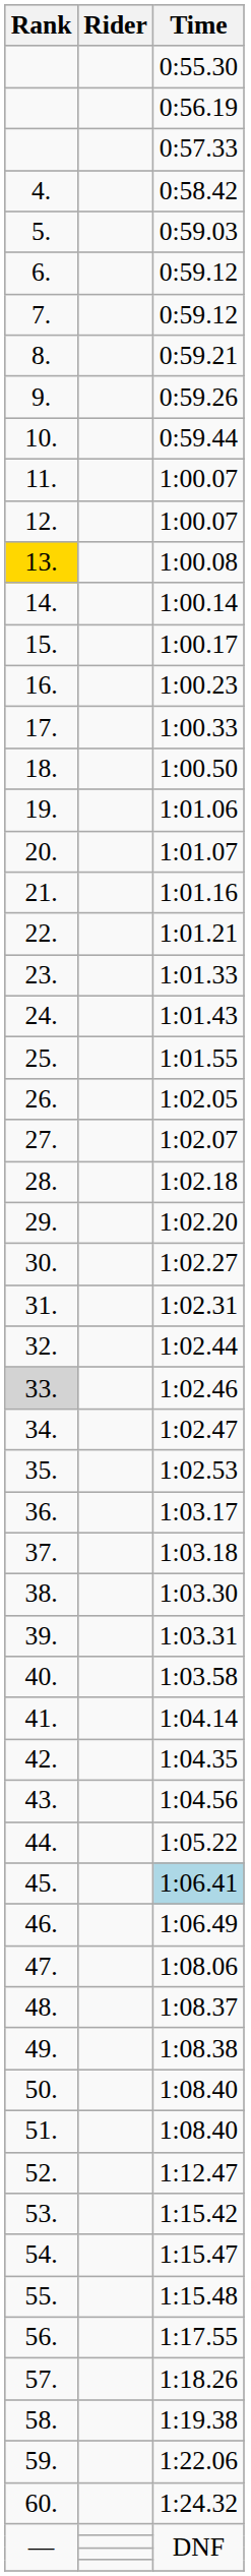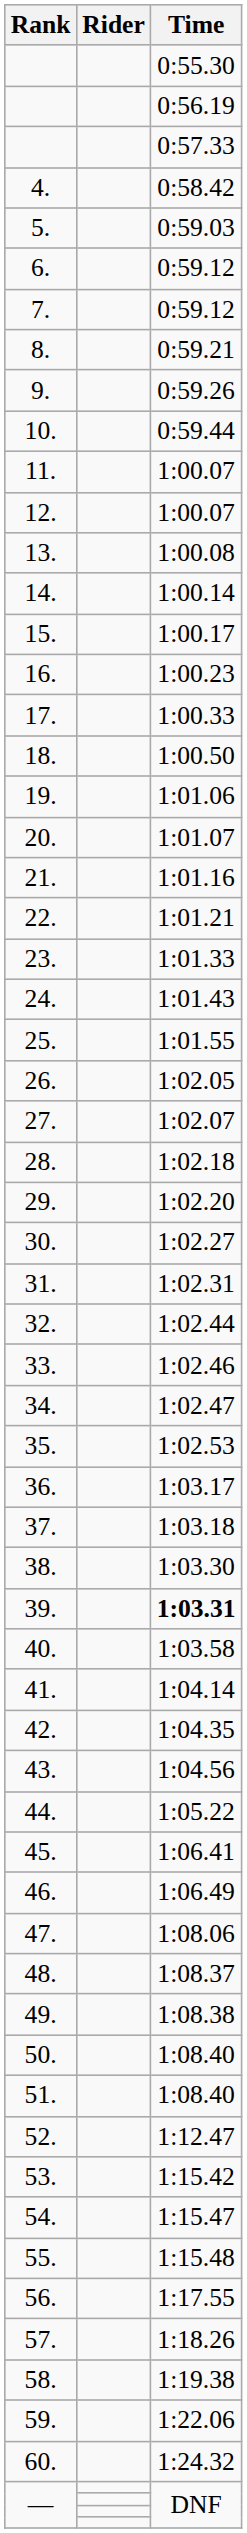 <table class=wikitable>
 <tr>
 <th>Rank</th>
 <th>Rider</th>
 <th>Time</th>
 </tr>
 <tr>
 <td align="center"></td>
 <td></td>
 <td align="center">0:55.30</td>
 </tr>
 <tr>
 <td align="center"></td>
 <td></td>
 <td align="center">0:56.19</td>
 </tr>
 <tr>
 <td align="center"></td>
 <td></td>
 <td align="center">0:57.33</td>
 </tr>
 <tr>
 <td align="center">4.</td>
 <td></td>
 <td align="center">0:58.42</td>
 </tr>
 <tr>
 <td align="center">5.</td>
 <td></td>
 <td align="center">0:59.03</td>
 </tr>
 <tr>
 <td align="center">6.</td>
 <td></td>
 <td align="center">0:59.12</td>
 </tr>
 <tr>
 <td align="center">7.</td>
 <td></td>
 <td align="center">0:59.12</td>
 </tr>
 <tr>
 <td align="center">8.</td>
 <td></td>
 <td align="center">0:59.21</td>
 </tr>
 <tr>
 <td align="center">9.</td>
 <td></td>
 <td align="center">0:59.26</td>
 </tr>
 <tr>
 <td align="center">10.</td>
 <td></td>
 <td align="center">0:59.44</td>
 </tr>
 <tr>
 <td align="center">11.</td>
 <td></td>
 <td align="center">1:00.07</td>
 </tr>
 <tr>
 <td align="center">12.</td>
 <td></td>
 <td align="center">1:00.07</td>
 </tr>
 <tr>
-<td align="center" style="background: gold;">13.</td>
+<td align="center">13.</td>
 <td></td>
 <td align="center">1:00.08</td>
 </tr>
 <tr>
 <td align="center">14.</td>
 <td></td>
 <td align="center">1:00.14</td>
 </tr>
 <tr>
 <td align="center">15.</td>
 <td></td>
 <td align="center">1:00.17</td>
 </tr>
 <tr>
 <td align="center">16.</td>
 <td></td>
 <td align="center">1:00.23</td>
 </tr>
 <tr>
 <td align="center">17.</td>
 <td></td>
 <td align="center">1:00.33</td>
 </tr>
 <tr>
 <td align="center">18.</td>
 <td></td>
 <td align="center">1:00.50</td>
 </tr>
 <tr>
 <td align="center">19.</td>
 <td></td>
 <td align="center">1:01.06</td>
 </tr>
 <tr>
 <td align="center">20.</td>
 <td></td>
 <td align="center">1:01.07</td>
 </tr>
 <tr>
 <td align="center">21.</td>
 <td></td>
 <td align="center">1:01.16</td>
 </tr>
 <tr>
 <td align="center">22.</td>
 <td></td>
 <td align="center">1:01.21</td>
 </tr>
 <tr>
 <td align="center">23.</td>
 <td></td>
 <td align="center">1:01.33</td>
 </tr>
 <tr>
 <td align="center">24.</td>
 <td></td>
 <td align="center">1:01.43</td>
 </tr>
 <tr>
 <td align="center">25.</td>
 <td></td>
 <td align="center">1:01.55</td>
 </tr>
 <tr>
 <td align="center">26.</td>
 <td></td>
 <td align="center">1:02.05</td>
 </tr>
 <tr>
 <td align="center">27.</td>
 <td></td>
 <td align="center">1:02.07</td>
 </tr>
 <tr>
 <td align="center">28.</td>
 <td></td>
 <td align="center">1:02.18</td>
 </tr>
 <tr>
 <td align="center">29.</td>
 <td></td>
 <td align="center">1:02.20</td>
 </tr>
 <tr>
 <td align="center">30.</td>
 <td></td>
 <td align="center">1:02.27</td>
 </tr>
 <tr>
 <td align="center">31.</td>
 <td></td>
 <td align="center">1:02.31</td>
 </tr>
 <tr>
 <td align="center">32.</td>
 <td></td>
 <td align="center">1:02.44</td>
 </tr>
 <tr>
-<td align="center" style="background: lightgrey;">33.</td>
+<td align="center">33.</td>
 <td></td>
 <td align="center">1:02.46</td>
 </tr>
 <tr>
 <td align="center">34.</td>
 <td></td>
 <td align="center">1:02.47</td>
 </tr>
 <tr>
 <td align="center">35.</td>
 <td></td>
 <td align="center">1:02.53</td>
 </tr>
 <tr>
 <td align="center">36.</td>
 <td></td>
 <td align="center">1:03.17</td>
 </tr>
 <tr>
 <td align="center">37.</td>
 <td></td>
 <td align="center">1:03.18</td>
 </tr>
 <tr>
 <td align="center">38.</td>
 <td></td>
 <td align="center">1:03.30</td>
 </tr>
 <tr>
 <td align="center">39.</td>
 <td></td>
-<td align="center">1:03.31</td>
+<td align="center"><strong>1:03.31</strong></td>
 </tr>
 <tr>
 <td align="center">40.</td>
 <td></td>
 <td align="center">1:03.58</td>
 </tr>
 <tr>
 <td align="center">41.</td>
 <td></td>
 <td align="center">1:04.14</td>
 </tr>
 <tr>
 <td align="center">42.</td>
 <td></td>
 <td align="center">1:04.35</td>
 </tr>
 <tr>
 <td align="center">43.</td>
 <td></td>
 <td align="center">1:04.56</td>
 </tr>
 <tr>
 <td align="center">44.</td>
 <td></td>
 <td align="center">1:05.22</td>
 </tr>
 <tr>
 <td align="center">45.</td>
 <td></td>
-<td align="center" style="background: lightblue;">1:06.41</td>
+<td align="center">1:06.41</td>
 </tr>
 <tr>
 <td align="center">46.</td>
 <td></td>
 <td align="center">1:06.49</td>
 </tr>
 <tr>
 <td align="center">47.</td>
 <td></td>
 <td align="center">1:08.06</td>
 </tr>
 <tr>
 <td align="center">48.</td>
 <td></td>
 <td align="center">1:08.37</td>
 </tr>
 <tr>
 <td align="center">49.</td>
 <td></td>
 <td align="center">1:08.38</td>
 </tr>
 <tr>
 <td align="center">50.</td>
 <td></td>
 <td align="center">1:08.40</td>
 </tr>
 <tr>
 <td align="center">51.</td>
 <td></td>
 <td align="center">1:08.40</td>
 </tr>
 <tr>
 <td align="center">52.</td>
 <td></td>
 <td align="center">1:12.47</td>
 </tr>
 <tr>
 <td align="center">53.</td>
 <td></td>
 <td align="center">1:15.42</td>
 </tr>
 <tr>
 <td align="center">54.</td>
 <td></td>
 <td align="center">1:15.47</td>
 </tr>
 <tr>
 <td align="center">55.</td>
 <td></td>
 <td align="center">1:15.48</td>
 </tr>
 <tr>
 <td align="center">56.</td>
 <td></td>
 <td align="center">1:17.55</td>
 </tr>
 <tr>
 <td align="center">57.</td>
 <td></td>
 <td align="center">1:18.26</td>
 </tr>
 <tr>
 <td align="center">58.</td>
 <td></td>
 <td align="center">1:19.38</td>
 </tr>
 <tr>
 <td align="center">59.</td>
 <td></td>
 <td align="center">1:22.06</td>
 </tr>
 <tr>
 <td align="center">60.</td>
 <td></td>
 <td align="center">1:24.32</td>
 </tr>
 <tr>
 <td rowspan="4" align="center">—</td>
 <td></td>
 <td rowspan="4" align="center">DNF</td>
 </tr>
 <tr>
 <td></td>
 </tr>
 <tr>
 <td></td>
 </tr>
 <tr>
 <td></td>
 </tr>
 </table>
